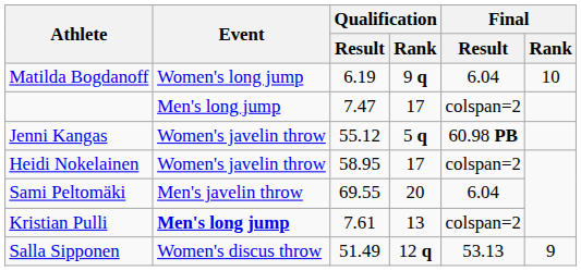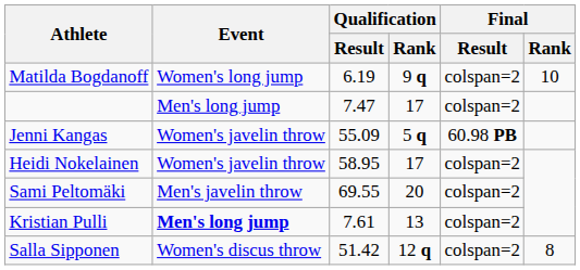 <table class=wikitable>
 <tr>
 <th rowspan="2">Athlete</th>
 <th rowspan="2">Event</th>
 <th colspan="2">Qualification</th>
 <th colspan="2">Final</th>
 </tr>
 <tr>
 <th>Result</th>
 <th>Rank</th>
 <th>Result</th>
 <th>Rank</th>
 </tr>
 <tr style=text-align:center>
 <td style=text-align:left><a href='#'>Matilda Bogdanoff</a></td>
 <td style=text-align:left><a href='#'>Women's long jump</a></td>
 <td>6.19</td>
 <td>9 <strong>q</strong></td>
-<td>6.04</td>
+<td>colspan=2 </td>
 <td>10</td>
 </tr>
 <tr style=text-align:center>
 <td style=text-align:left></td>
 <td style=text-align:left><a href='#'>Men's long jump</a></td>
 <td>7.47</td>
 <td>17</td>
 <td>colspan=2 </td>
 </tr>
 <tr style=text-align:center>
 <td style=text-align:left><a href='#'>Jenni Kangas</a></td>
 <td style=text-align:left><a href='#'>Women's javelin throw</a></td>
-<td>55.12</td>
+<td>55.09</td>
 <td>5 <strong>q</strong></td>
 <td>60.98 <strong>PB</strong></td>
 <td></td>
 </tr>
 <tr style=text-align:center>
 <td style=text-align:left><a href='#'>Heidi Nokelainen</a></td>
 <td style=text-align:left><a href='#'>Women's javelin throw</a></td>
 <td>58.95</td>
 <td>17</td>
 <td>colspan=2 </td>
 </tr>
 <tr style=text-align:center>
 <td style=text-align:left><a href='#'>Sami Peltomäki</a></td>
 <td style=text-align:left><a href='#'>Men's javelin throw</a></td>
 <td>69.55</td>
 <td>20</td>
-<td>6.04</td>
+<td>colspan=2 </td>
 </tr>
 <tr style=text-align:center>
 <td style=text-align:left><a href='#'>Kristian Pulli</a></td>
 <td style=text-align:left><strong><a href='#'>Men's long jump</a></strong></td>
 <td>7.61</td>
 <td>13</td>
 <td>colspan=2 </td>
 </tr>
 <tr style=text-align:center>
 <td style=text-align:left><a href='#'>Salla Sipponen</a></td>
 <td style=text-align:left><a href='#'>Women's discus throw</a></td>
-<td>51.49</td>
+<td>51.42</td>
 <td>12 <strong>q</strong></td>
-<td>53.13</td>
-<td>9</td>
+<td>colspan=2 </td>
+<td>8</td>
 </tr>
 </table>
